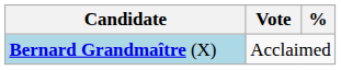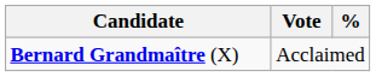 <table class="wikitable">
 <tr>
 <th bgcolor="#DDDDFF" width="200px">Candidate</th>
 <th bgcolor="#DDDDFF">Vote</th>
 <th bgcolor="#DDDDFF">%</th>
 </tr>
 <tr>
-<td style="background: lightblue;"><strong><a href='#'>Bernard Grandmaître</a></strong> (X)</td>
+<td><strong><a href='#'>Bernard Grandmaître</a></strong> (X)</td>
 <td colspan="2">Acclaimed</td>
 </tr>
 </table>
